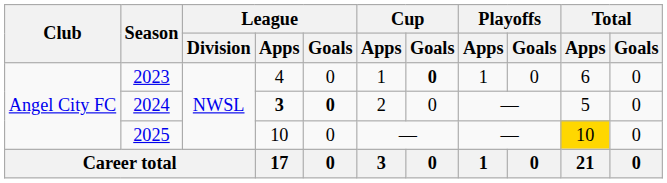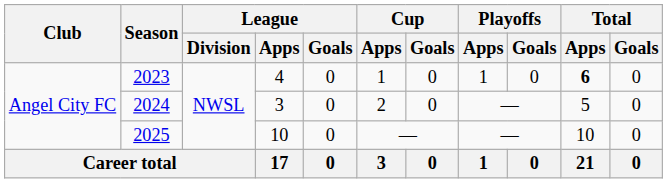 <table class="wikitable" style="text-align: center;">
 <tr>
 <th rowspan="2">Club</th>
 <th rowspan="2">Season</th>
 <th colspan="3">League</th>
 <th colspan="2">Cup</th>
 <th colspan="2">Playoffs</th>
 <th colspan="2">Total</th>
 </tr>
 <tr>
 <th>Division</th>
 <th>Apps</th>
 <th>Goals</th>
 <th>Apps</th>
 <th>Goals</th>
 <th>Apps</th>
 <th>Goals</th>
 <th>Apps</th>
 <th>Goals</th>
 </tr>
 <tr>
 <td rowspan="3"><a href='#'>Angel City FC</a></td>
 <td><a href='#'>2023</a></td>
 <td rowspan="3"><a href='#'>NWSL</a></td>
 <td>4</td>
 <td>0</td>
 <td>1</td>
-<td><strong>0</strong></td>
+<td>0</td>
 <td>1</td>
 <td>0</td>
-<td>6</td>
+<td><strong>6</strong></td>
 <td>0</td>
 </tr>
 <tr>
 <td><a href='#'>2024</a></td>
-<td><strong>3</strong></td>
-<td><strong>0</strong></td>
+<td>3</td>
+<td>0</td>
 <td>2</td>
 <td>0</td>
 <td colspan="2">—</td>
 <td>5</td>
 <td>0</td>
 </tr>
 <tr>
 <td><a href='#'>2025</a></td>
 <td>10</td>
 <td>0</td>
 <td colspan="2">—</td>
 <td colspan="2">—</td>
-<td style="background: gold;">10</td>
+<td>10</td>
 <td>0</td>
 </tr>
 <tr>
 <th colspan="3">Career total</th>
 <th>17</th>
 <th>0</th>
 <th>3</th>
 <th>0</th>
 <th>1</th>
 <th>0</th>
 <th>21</th>
 <th>0</th>
 </tr>
 </table>
